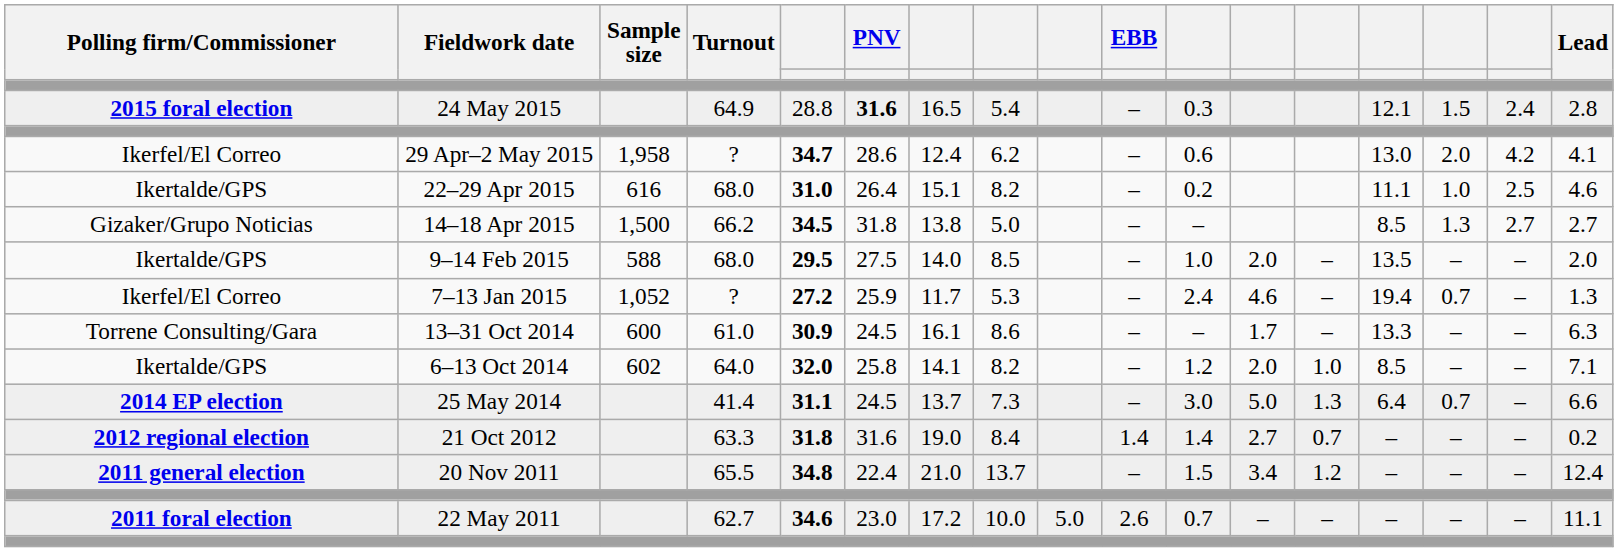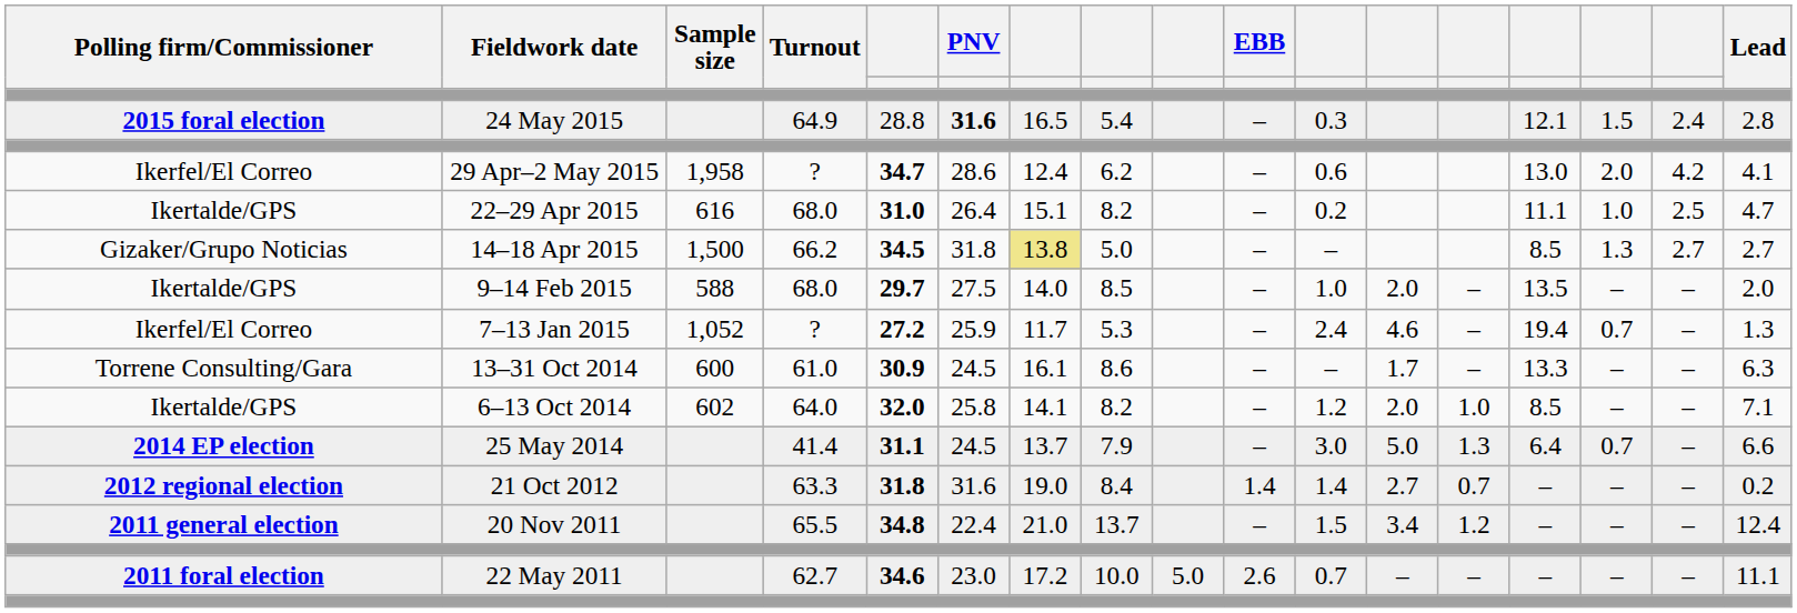 <table class="wikitable collapsible collapsed" style="text-align:center; font-size:95%; line-height:16px;">
 <tr style="height:42px;">
 <th style="width:250px;" rowspan="2">Polling firm/Commissioner</th>
 <th style="width:125px;" rowspan="2">Fieldwork date</th>
 <th style="width:50px;" rowspan="2">Sample size</th>
 <th style="width:45px;" rowspan="2">Turnout</th>
 <th style="width:35px;"></th>
 <th style="width:35px;"><a href='#'>PNV</a></th>
 <th style="width:35px;"></th>
 <th style="width:35px;"></th>
 <th style="width:35px;"></th>
 <th style="width:35px;"><a href='#'>EBB</a></th>
 <th style="width:35px;"></th>
 <th style="width:35px;"></th>
 <th style="width:35px;"></th>
 <th style="width:35px;"></th>
 <th style="width:35px;"></th>
 <th style="width:35px;"></th>
 <th style="width:30px;" rowspan="2">Lead</th>
 </tr>
 <tr>
 <th style="color:inherit;background:"></th>
 <th style="color:inherit;background:"></th>
 <th style="color:inherit;background:"></th>
 <th style="color:inherit;background:"></th>
 <th style="color:inherit;background:"></th>
 <th style="color:inherit;background:"></th>
 <th style="color:inherit;background:"></th>
 <th style="color:inherit;background:"></th>
 <th style="color:inherit;background:"></th>
 <th style="color:inherit;background:"></th>
 <th style="color:inherit;background:"></th>
 <th style="color:inherit;background:"></th>
 </tr>
 <tr>
 <td colspan="17" style="background:#A0A0A0"></td>
 </tr>
 <tr style="background:#EFEFEF;">
 <td><strong><a href='#'>2015 foral election</a></strong></td>
 <td>24 May 2015</td>
 <td></td>
 <td>64.9</td>
 <td>28.8<br></td>
 <td><strong>31.6</strong><br></td>
 <td>16.5<br></td>
 <td>5.4<br></td>
 <td></td>
 <td>–</td>
 <td>0.3<br></td>
 <td></td>
 <td></td>
 <td>12.1<br></td>
 <td>1.5<br></td>
 <td>2.4<br></td>
 <td style="background:">2.8</td>
 </tr>
 <tr>
 <td colspan="17" style="background:#A0A0A0"></td>
 </tr>
 <tr>
 <td>Ikerfel/El Correo</td>
 <td>29 Apr–2 May 2015</td>
 <td>1,958</td>
 <td>?</td>
 <td><strong>34.7</strong><br></td>
 <td>28.6<br></td>
 <td>12.4<br></td>
 <td>6.2<br></td>
 <td></td>
 <td>–</td>
 <td>0.6<br></td>
 <td></td>
 <td></td>
 <td>13.0<br></td>
 <td>2.0<br></td>
 <td>4.2<br></td>
 <td style="background:">4.1</td>
 </tr>
 <tr>
 <td>Ikertalde/GPS</td>
 <td>22–29 Apr 2015</td>
 <td>616</td>
 <td>68.0</td>
 <td><strong>31.0</strong></td>
 <td>26.4</td>
 <td>15.1</td>
 <td>8.2</td>
 <td></td>
 <td>–</td>
 <td>0.2</td>
 <td></td>
 <td></td>
 <td>11.1</td>
 <td>1.0</td>
 <td>2.5</td>
-<td style="background:">4.6</td>
+<td style="background:">4.7</td>
 </tr>
 <tr>
 <td>Gizaker/Grupo Noticias</td>
 <td>14–18 Apr 2015</td>
 <td>1,500</td>
 <td>66.2</td>
 <td><strong>34.5</strong><br></td>
 <td>31.8<br></td>
-<td>13.8<br></td>
+<td style="background: khaki;">13.8<br></td>
 <td>5.0<br></td>
 <td></td>
 <td>–</td>
 <td>–</td>
 <td></td>
 <td></td>
 <td>8.5<br></td>
 <td>1.3<br></td>
 <td>2.7<br></td>
 <td style="background:">2.7</td>
 </tr>
 <tr>
 <td>Ikertalde/GPS</td>
 <td>9–14 Feb 2015</td>
 <td>588</td>
 <td>68.0</td>
-<td><strong>29.5</strong></td>
+<td><strong>29.7</strong></td>
 <td>27.5</td>
 <td>14.0</td>
 <td>8.5</td>
 <td></td>
 <td>–</td>
 <td>1.0</td>
 <td>2.0</td>
 <td>–</td>
 <td>13.5</td>
 <td>–</td>
 <td>–</td>
 <td style="background:">2.0</td>
 </tr>
 <tr>
 <td>Ikerfel/El Correo</td>
 <td>7–13 Jan 2015</td>
 <td>1,052</td>
 <td>?</td>
 <td><strong>27.2</strong><br></td>
 <td>25.9<br></td>
 <td>11.7<br></td>
 <td>5.3<br></td>
 <td></td>
 <td>–</td>
 <td>2.4<br></td>
 <td>4.6<br></td>
 <td>–</td>
 <td>19.4<br></td>
 <td>0.7<br></td>
 <td>–</td>
 <td style="background:">1.3</td>
 </tr>
 <tr>
 <td>Torrene Consulting/Gara</td>
 <td>13–31 Oct 2014</td>
 <td>600</td>
 <td>61.0</td>
 <td><strong>30.9</strong><br></td>
 <td>24.5<br></td>
 <td>16.1<br></td>
 <td>8.6<br></td>
 <td></td>
 <td>–</td>
 <td>–</td>
 <td>1.7<br></td>
 <td>–</td>
 <td>13.3<br></td>
 <td>–</td>
 <td>–</td>
 <td style="background:">6.3</td>
 </tr>
 <tr>
 <td>Ikertalde/GPS</td>
 <td>6–13 Oct 2014</td>
 <td>602</td>
 <td>64.0</td>
 <td><strong>32.0</strong></td>
 <td>25.8</td>
 <td>14.1</td>
 <td>8.2</td>
 <td></td>
 <td>–</td>
 <td>1.2</td>
 <td>2.0</td>
 <td>1.0</td>
 <td>8.5</td>
 <td>–</td>
 <td>–</td>
 <td style="background:">7.1</td>
 </tr>
 <tr style="background:#EFEFEF;">
 <td><strong><a href='#'>2014 EP election</a></strong></td>
 <td>25 May 2014</td>
 <td></td>
 <td>41.4</td>
 <td><strong>31.1</strong></td>
 <td>24.5</td>
 <td>13.7</td>
-<td>7.3</td>
+<td>7.9</td>
 <td></td>
 <td>–</td>
 <td>3.0</td>
 <td>5.0</td>
 <td>1.3</td>
 <td>6.4</td>
 <td>0.7</td>
 <td>–</td>
 <td style="background:">6.6</td>
 </tr>
 <tr style="background:#EFEFEF;">
 <td><strong><a href='#'>2012 regional election</a></strong></td>
 <td>21 Oct 2012</td>
 <td></td>
 <td>63.3</td>
 <td><strong>31.8</strong></td>
 <td>31.6</td>
 <td>19.0</td>
 <td>8.4</td>
 <td></td>
 <td>1.4</td>
 <td>1.4</td>
 <td>2.7</td>
 <td>0.7</td>
 <td>–</td>
 <td>–</td>
 <td>–</td>
 <td style="background:">0.2</td>
 </tr>
 <tr style="background:#EFEFEF;">
 <td><strong><a href='#'>2011 general election</a></strong></td>
 <td>20 Nov 2011</td>
 <td></td>
 <td>65.5</td>
 <td><strong>34.8</strong></td>
 <td>22.4</td>
 <td>21.0</td>
 <td>13.7</td>
 <td></td>
 <td>–</td>
 <td>1.5</td>
 <td>3.4</td>
 <td>1.2</td>
 <td>–</td>
 <td>–</td>
 <td>–</td>
 <td style="background:">12.4</td>
 </tr>
 <tr>
 <td colspan="17" style="background:#A0A0A0"></td>
 </tr>
 <tr style="background:#EFEFEF;">
 <td><strong><a href='#'>2011 foral election</a></strong></td>
 <td>22 May 2011</td>
 <td></td>
 <td>62.7</td>
 <td><strong>34.6</strong><br></td>
 <td>23.0<br></td>
 <td>17.2<br></td>
 <td>10.0<br></td>
 <td>5.0<br></td>
 <td>2.6<br></td>
 <td>0.7<br></td>
 <td>–</td>
 <td>–</td>
 <td>–</td>
 <td>–</td>
 <td>–</td>
 <td style="background:">11.1</td>
 </tr>
 <tr>
 <td colspan="17" style="background:#A0A0A0"></td>
 </tr>
 </table>
